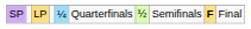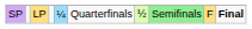 <table class="wikitable" style="margin:0.5em auto; font-size:90%; line-height:1.25em;" width=10%;>
 <tr>
 </tr>
 <tr>
 <td style="background-color:#D0A9F5;text-align:center;">SP</td>
 <td></td>
 <td style="background-color:#FFDF80;text-align:center;">LP</td>
 <td></td>
 <td style="background-color:#97DEFF;text-align:center;">¼</td>
 <td>Quarterfinals</td>
 <td style="background-color:#D9FFB2;text-align:center;">½</td>
-<td>Semifinals</td>
-<td style="background-color:#FFDF80;text-align:center;"><strong>F</strong></td>
-<td>Final</td>
+<td style="background: lightgreen;">Semifinals</td>
+<td style="background-color:#FFDF80;text-align:center;">F</td>
+<td><strong>Final</strong></td>
 </tr>
 </table>
